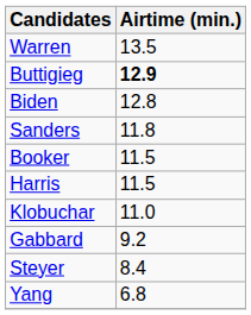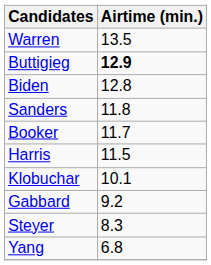 <table class="wikitable sortable" style="display:inline-table;line-height:16px;">
 <tr>
 <th>Candidates</th>
 <th>Airtime (min.)</th>
 </tr>
 <tr>
 <td><a href='#'>Warren</a></td>
 <td>13.5</td>
 </tr>
 <tr>
 <td><a href='#'>Buttigieg</a></td>
 <td><strong>12.9</strong></td>
 </tr>
 <tr>
 <td><a href='#'>Biden</a></td>
 <td>12.8</td>
 </tr>
 <tr>
 <td><a href='#'>Sanders</a></td>
 <td>11.8</td>
 </tr>
 <tr>
 <td><a href='#'>Booker</a></td>
-<td>11.5</td>
+<td>11.7</td>
 </tr>
 <tr>
 <td><a href='#'>Harris</a></td>
 <td>11.5</td>
 </tr>
 <tr>
 <td><a href='#'>Klobuchar</a></td>
-<td>11.0</td>
+<td>10.1</td>
 </tr>
 <tr>
 <td><a href='#'>Gabbard</a></td>
 <td>9.2</td>
 </tr>
 <tr>
 <td><a href='#'>Steyer</a></td>
-<td>8.4</td>
+<td>8.3</td>
 </tr>
 <tr>
 <td><a href='#'>Yang</a></td>
 <td>6.8</td>
 </tr>
 <tr>
 </tr>
 </table>
